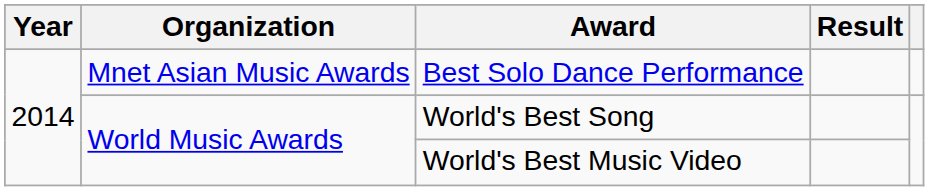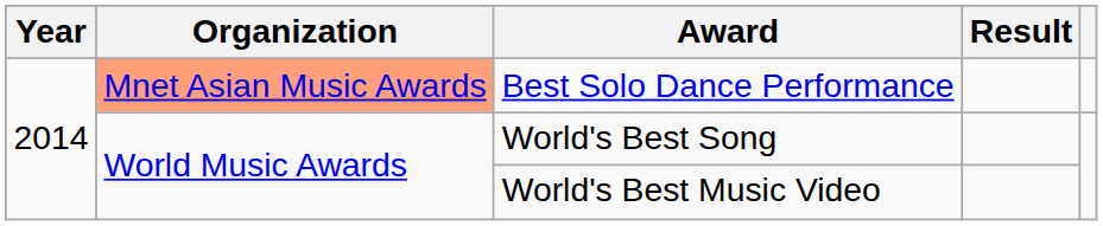 <table class="wikitable">
 <tr>
 <th>Year</th>
 <th>Organization</th>
 <th>Award</th>
 <th>Result</th>
 <th class="unsortable"></th>
 </tr>
 <tr>
 <td rowspan="3">2014</td>
-<td><a href='#'>Mnet Asian Music Awards</a></td>
+<td style="background: lightsalmon;"><a href='#'>Mnet Asian Music Awards</a></td>
 <td><a href='#'>Best Solo Dance Performance</a></td>
 <td></td>
 <td></td>
 </tr>
 <tr>
 <td rowspan="2"><a href='#'>World Music Awards</a></td>
 <td>World's Best Song</td>
 <td></td>
 <td rowspan="2" align="center"></td>
 </tr>
 <tr>
 <td>World's Best Music Video</td>
 <td></td>
 </tr>
 </table>
